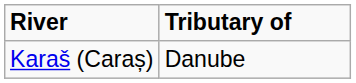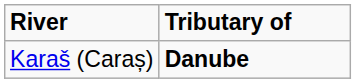 <table class="wikitable">
 <tr>
 <td width="100pt"><strong>River</strong></td>
 <td width="125pt"><strong>Tributary of</strong></td>
 </tr>
 <tr>
 <td><a href='#'>Karaš</a> (Caraș)</td>
-<td>Danube</td>
+<td><strong>Danube</strong></td>
 </tr>
 </table>
